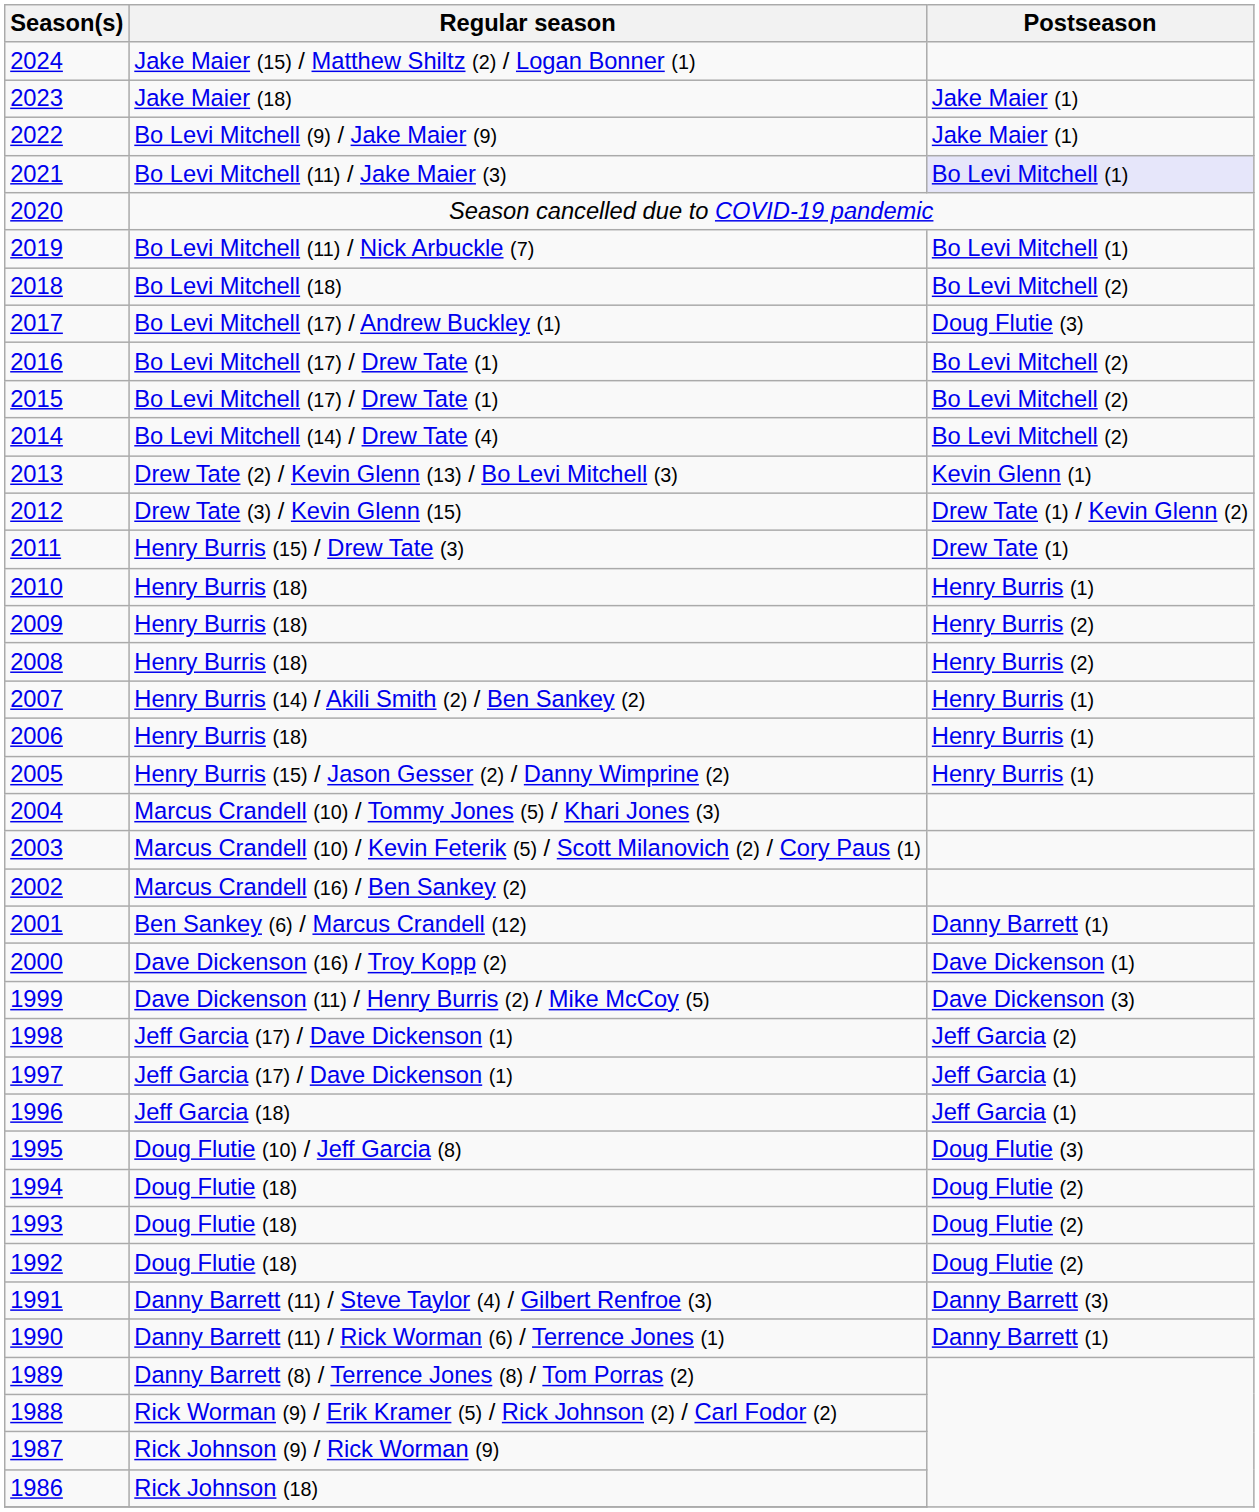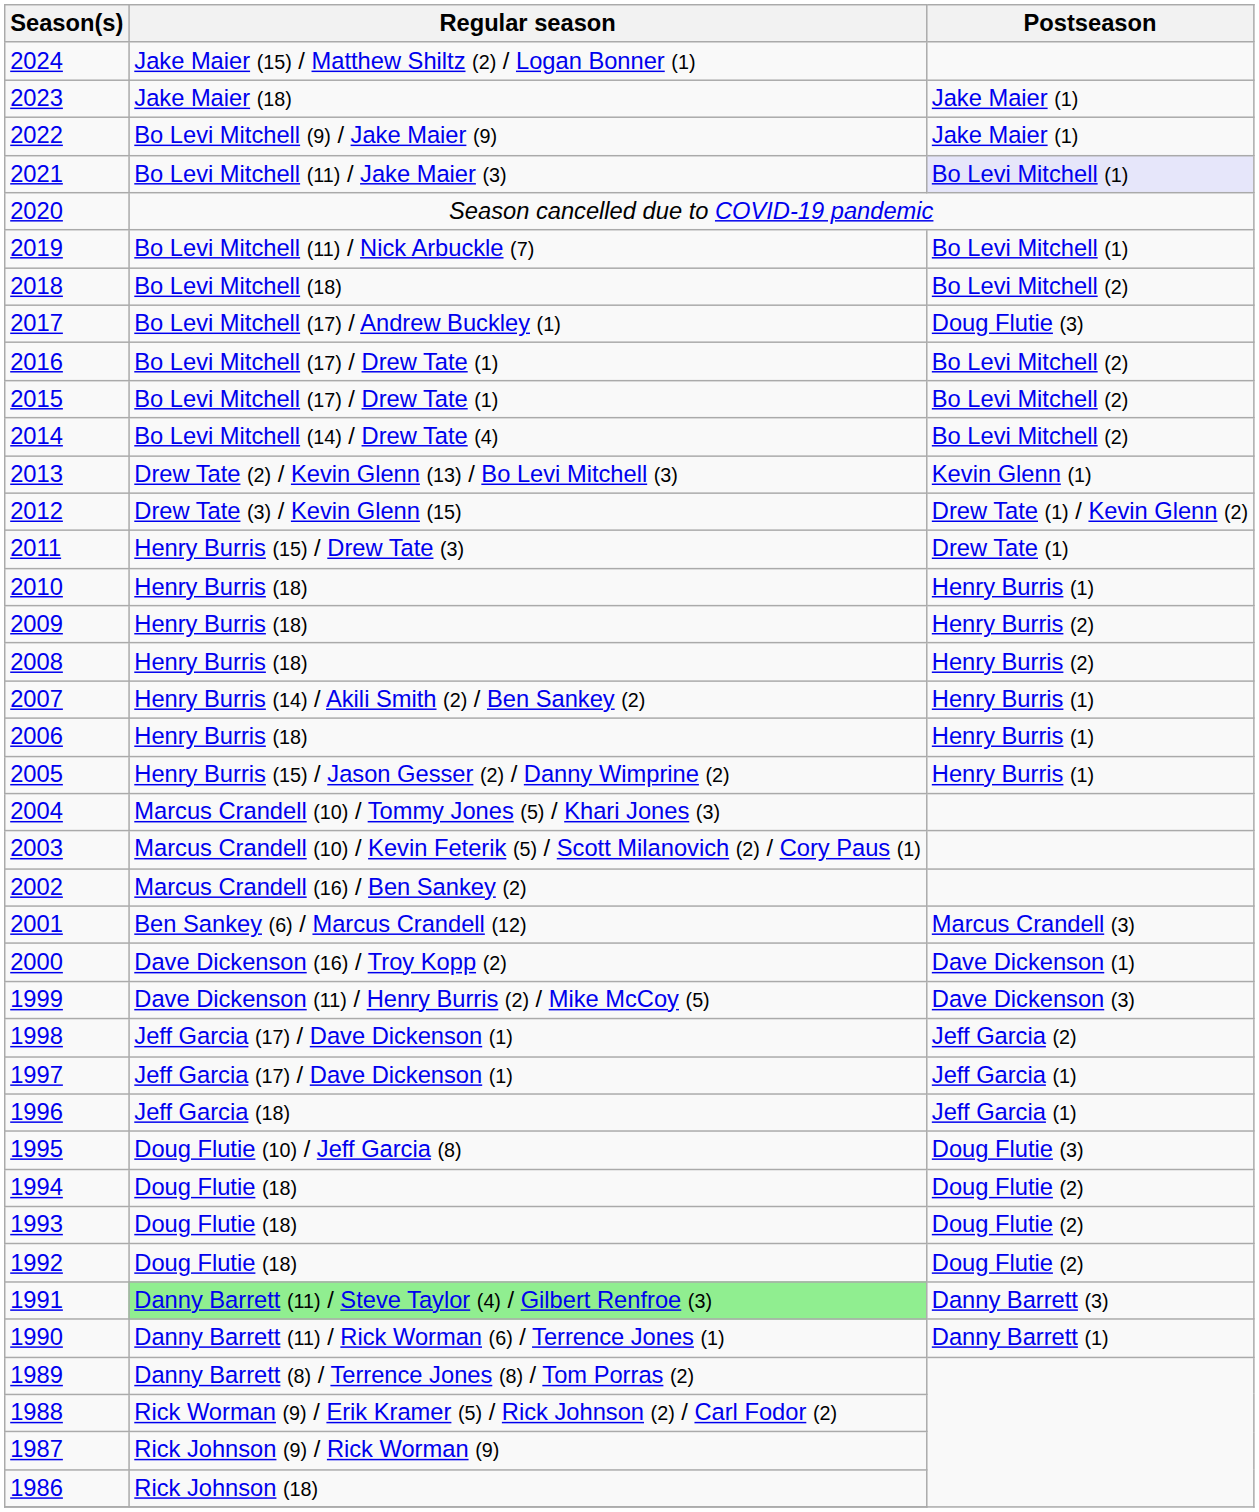 <table class="wikitable sortable">
 <tr>
 <th>Season(s)</th>
 <th>Regular season</th>
 <th>Postseason</th>
 </tr>
 <tr>
 <td align=left><a href='#'>2024</a></td>
 <td align=left><a href='#'>Jake Maier</a> <small>(15)</small> / <a href='#'>Matthew Shiltz</a> <small>(2)</small> / <a href='#'>Logan Bonner</a> <small>(1)</small></td>
 <td></td>
 </tr>
 <tr>
 <td align=left><a href='#'>2023</a></td>
 <td align=left><a href='#'>Jake Maier</a> <small>(18)</small></td>
 <td><a href='#'>Jake Maier</a> <small>(1)</small></td>
 </tr>
 <tr>
 <td align=left><a href='#'>2022</a></td>
 <td align=left><a href='#'>Bo Levi Mitchell</a> <small>(9)</small> / <a href='#'>Jake Maier</a> <small>(9)</small></td>
 <td><a href='#'>Jake Maier</a> <small>(1)</small></td>
 </tr>
 <tr>
 <td align=left><a href='#'>2021</a></td>
 <td align=left><a href='#'>Bo Levi Mitchell</a> <small>(11)</small> / <a href='#'>Jake Maier</a> <small>(3)</small></td>
 <td align=left style="background: lavender;"><a href='#'>Bo Levi Mitchell</a> <small>(1)</small></td>
 </tr>
 <tr>
 <td><a href='#'>2020</a></td>
 <td align="center" colSpan="2"><em>Season cancelled due to <a href='#'>COVID-19 pandemic</a></em></td>
 </tr>
 <tr>
 <td align=left><a href='#'>2019</a></td>
 <td align=left><a href='#'>Bo Levi Mitchell</a> <small>(11)</small> / <a href='#'>Nick Arbuckle</a> <small>(7)</small></td>
 <td align=left><a href='#'>Bo Levi Mitchell</a> <small>(1)</small></td>
 </tr>
 <tr>
 <td align=left><a href='#'>2018</a></td>
 <td align=left><a href='#'>Bo Levi Mitchell</a> <small>(18)</small></td>
 <td><a href='#'>Bo Levi Mitchell</a> <small>(2)</small></td>
 </tr>
 <tr>
 <td align=left><a href='#'>2017</a></td>
 <td align=left><a href='#'>Bo Levi Mitchell</a> <small>(17)</small> / <a href='#'>Andrew Buckley</a> <small>(1)</small></td>
 <td><a href='#'>Doug Flutie</a> <small>(3)</small></td>
 </tr>
 <tr>
 <td align=left><a href='#'>2016</a></td>
 <td align=left><a href='#'>Bo Levi Mitchell</a> <small>(17)</small> / <a href='#'>Drew Tate</a> <small>(1)</small></td>
 <td align=left><a href='#'>Bo Levi Mitchell</a> <small>(2)</small></td>
 </tr>
 <tr>
 <td align=left><a href='#'>2015</a></td>
 <td align=left><a href='#'>Bo Levi Mitchell</a> <small>(17)</small> / <a href='#'>Drew Tate</a> <small>(1)</small></td>
 <td align=left><a href='#'>Bo Levi Mitchell</a> <small>(2)</small></td>
 </tr>
 <tr>
 <td align=left><a href='#'>2014</a></td>
 <td align=left><a href='#'>Bo Levi Mitchell</a> <small>(14)</small> / <a href='#'>Drew Tate</a> <small>(4)</small></td>
 <td align=left><a href='#'>Bo Levi Mitchell</a> <small>(2)</small></td>
 </tr>
 <tr>
 <td align=left><a href='#'>2013</a></td>
 <td align=left><a href='#'>Drew Tate</a> <small>(2)</small> / <a href='#'>Kevin Glenn</a> <small>(13)</small> / <a href='#'>Bo Levi Mitchell</a> <small>(3)</small></td>
 <td align=left><a href='#'>Kevin Glenn</a> <small>(1)</small></td>
 </tr>
 <tr>
 <td align=left><a href='#'>2012</a></td>
 <td align=left><a href='#'>Drew Tate</a> <small>(3)</small> / <a href='#'>Kevin Glenn</a> <small>(15)</small></td>
 <td align=left><a href='#'>Drew Tate</a> <small>(1)</small> / <a href='#'>Kevin Glenn</a> <small>(2)</small></td>
 </tr>
 <tr>
 <td align=left><a href='#'>2011</a></td>
 <td align=left><a href='#'>Henry Burris</a> <small>(15)</small> / <a href='#'>Drew Tate</a> <small>(3)</small></td>
 <td align=left><a href='#'>Drew Tate</a> <small>(1)</small></td>
 </tr>
 <tr>
 <td align=left><a href='#'>2010</a></td>
 <td align=left><a href='#'>Henry Burris</a> <small>(18)</small></td>
 <td align=left><a href='#'>Henry Burris</a> <small>(1)</small></td>
 </tr>
 <tr>
 <td align=left><a href='#'>2009</a></td>
 <td align=left><a href='#'>Henry Burris</a> <small>(18)</small></td>
 <td align=left><a href='#'>Henry Burris</a> <small>(2)</small></td>
 </tr>
 <tr>
 <td align=left><a href='#'>2008</a></td>
 <td align=left><a href='#'>Henry Burris</a> <small>(18)</small></td>
 <td align=left><a href='#'>Henry Burris</a> <small>(2)</small></td>
 </tr>
 <tr>
 <td align=left><a href='#'>2007</a></td>
 <td align=left><a href='#'>Henry Burris</a> <small>(14)</small> / <a href='#'>Akili Smith</a> <small>(2)</small> / <a href='#'>Ben Sankey</a> <small>(2)</small></td>
 <td align=left><a href='#'>Henry Burris</a> <small>(1)</small></td>
 </tr>
 <tr>
 <td align=left><a href='#'>2006</a></td>
 <td align=left><a href='#'>Henry Burris</a> <small>(18)</small></td>
 <td align=left><a href='#'>Henry Burris</a> <small>(1)</small></td>
 </tr>
 <tr>
 <td align=left><a href='#'>2005</a></td>
 <td align=left><a href='#'>Henry Burris</a> <small>(15)</small> / <a href='#'>Jason Gesser</a> <small>(2)</small> / <a href='#'>Danny Wimprine</a> <small>(2)</small></td>
 <td align=left><a href='#'>Henry Burris</a> <small>(1)</small></td>
 </tr>
 <tr>
 <td align=left><a href='#'>2004</a></td>
 <td align=left><a href='#'>Marcus Crandell</a> <small>(10)</small> / <a href='#'>Tommy Jones</a> <small>(5)</small> / <a href='#'>Khari Jones</a> <small>(3)</small></td>
 <td></td>
 </tr>
 <tr>
 <td align=left><a href='#'>2003</a></td>
 <td align=left><a href='#'>Marcus Crandell</a> <small>(10)</small> / <a href='#'>Kevin Feterik</a> <small>(5)</small> / <a href='#'>Scott Milanovich</a> <small>(2)</small> / <a href='#'>Cory Paus</a> <small>(1)</small></td>
 <td></td>
 </tr>
 <tr>
 <td align=left><a href='#'>2002</a></td>
 <td align=left><a href='#'>Marcus Crandell</a> <small>(16)</small> / <a href='#'>Ben Sankey</a> <small>(2)</small></td>
 <td></td>
 </tr>
 <tr>
 <td align=left><a href='#'>2001</a></td>
 <td align=left><a href='#'>Ben Sankey</a> <small>(6)</small> / <a href='#'>Marcus Crandell</a> <small>(12)</small></td>
-<td><a href='#'>Danny Barrett</a> <small>(1)</small></td>
+<td><a href='#'>Marcus Crandell</a> <small>(3)</small></td>
 </tr>
 <tr>
 <td align=left><a href='#'>2000</a></td>
 <td align=left><a href='#'>Dave Dickenson</a> <small>(16)</small> / <a href='#'>Troy Kopp</a> <small>(2)</small></td>
 <td><a href='#'>Dave Dickenson</a> <small>(1)</small></td>
 </tr>
 <tr>
 <td align=left><a href='#'>1999</a></td>
 <td align=left><a href='#'>Dave Dickenson</a> <small>(11)</small> / <a href='#'>Henry Burris</a> <small>(2)</small> / <a href='#'>Mike McCoy</a> <small>(5)</small></td>
 <td><a href='#'>Dave Dickenson</a> <small>(3)</small></td>
 </tr>
 <tr>
 <td align=left><a href='#'>1998</a></td>
 <td align=left><a href='#'>Jeff Garcia</a> <small>(17)</small> / <a href='#'>Dave Dickenson</a> <small>(1)</small></td>
 <td><a href='#'>Jeff Garcia</a> <small>(2)</small></td>
 </tr>
 <tr>
 <td align=left><a href='#'>1997</a></td>
 <td align=left><a href='#'>Jeff Garcia</a> <small>(17)</small> / <a href='#'>Dave Dickenson</a> <small>(1)</small></td>
 <td><a href='#'>Jeff Garcia</a> <small>(1)</small></td>
 </tr>
 <tr>
 <td align=left><a href='#'>1996</a></td>
 <td align=left><a href='#'>Jeff Garcia</a> <small>(18)</small></td>
 <td><a href='#'>Jeff Garcia</a> <small>(1)</small></td>
 </tr>
 <tr>
 <td align=left><a href='#'>1995</a></td>
 <td align=left><a href='#'>Doug Flutie</a> <small>(10)</small> / <a href='#'>Jeff Garcia</a> <small>(8)</small></td>
 <td><a href='#'>Doug Flutie</a> <small>(3)</small></td>
 </tr>
 <tr>
 <td align=left><a href='#'>1994</a></td>
 <td align=left><a href='#'>Doug Flutie</a> <small>(18)</small></td>
 <td><a href='#'>Doug Flutie</a> <small>(2)</small></td>
 </tr>
 <tr>
 <td align=left><a href='#'>1993</a></td>
 <td align=left><a href='#'>Doug Flutie</a> <small>(18)</small></td>
 <td><a href='#'>Doug Flutie</a> <small>(2)</small></td>
 </tr>
 <tr>
 <td align=left><a href='#'>1992</a></td>
 <td align=left><a href='#'>Doug Flutie</a> <small>(18)</small></td>
 <td><a href='#'>Doug Flutie</a> <small>(2)</small></td>
 </tr>
 <tr>
 <td align=left><a href='#'>1991</a></td>
-<td align=left><a href='#'>Danny Barrett</a> <small>(11)</small> / <a href='#'>Steve Taylor</a> <small>(4)</small> / <a href='#'>Gilbert Renfroe</a> <small>(3)</small></td>
+<td align=left style="background: lightgreen;"><a href='#'>Danny Barrett</a> <small>(11)</small> / <a href='#'>Steve Taylor</a> <small>(4)</small> / <a href='#'>Gilbert Renfroe</a> <small>(3)</small></td>
 <td><a href='#'>Danny Barrett</a> <small>(3)</small></td>
 </tr>
 <tr>
 <td align=left><a href='#'>1990</a></td>
 <td align=left><a href='#'>Danny Barrett</a> <small>(11)</small> / <a href='#'>Rick Worman</a> <small>(6)</small> / <a href='#'>Terrence Jones</a> <small>(1)</small></td>
 <td><a href='#'>Danny Barrett</a> <small>(1)</small></td>
 </tr>
 <tr>
 <td align=left><a href='#'>1989</a></td>
 <td align=left><a href='#'>Danny Barrett</a> <small>(8)</small> / <a href='#'>Terrence Jones</a> <small>(8)</small> / <a href='#'>Tom Porras</a> <small>(2)</small> </td>
 </tr>
 <tr>
 <td align=left><a href='#'>1988</a></td>
 <td align=left><a href='#'>Rick Worman</a> <small>(9)</small> / <a href='#'>Erik Kramer</a> <small>(5)</small> / <a href='#'>Rick Johnson</a> <small>(2)</small> / <a href='#'>Carl Fodor</a> <small>(2)</small></td>
 </tr>
 <tr>
 <td align=left><a href='#'>1987</a></td>
 <td align=left><a href='#'>Rick Johnson</a> <small>(9)</small> / <a href='#'>Rick Worman</a> <small>(9)</small></td>
 </tr>
 <tr>
 <td align=left><a href='#'>1986</a></td>
 <td align=left><a href='#'>Rick Johnson</a> <small>(18)</small><br></td>
 </tr>
 <tr>
 </tr>
 </table>
